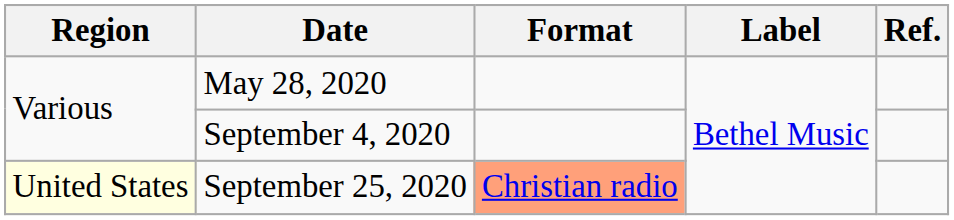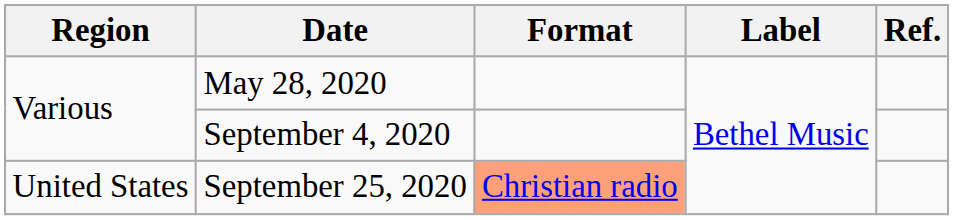 <table class="wikitable plainrowheaders">
 <tr>
 <th scope="col">Region</th>
 <th scope="col">Date</th>
 <th scope="col">Format</th>
 <th scope="col">Label</th>
 <th scope="col">Ref.</th>
 </tr>
 <tr>
 <td rowspan="2">Various</td>
 <td>May 28, 2020</td>
 <td></td>
 <td rowspan="3"><a href='#'>Bethel Music</a></td>
 <td></td>
 </tr>
 <tr>
 <td>September 4, 2020</td>
 <td></td>
 <td></td>
 </tr>
 <tr>
-<td style="background: lightyellow;">United States</td>
+<td>United States</td>
 <td>September 25, 2020</td>
 <td style="background: lightsalmon;"><a href='#'>Christian radio</a></td>
 <td></td>
 </tr>
 </table>
